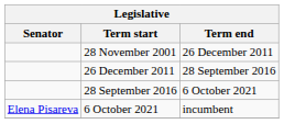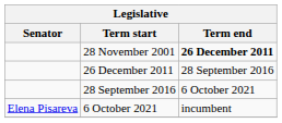 <table class="wikitable sortable">
 <tr>
 <th colspan=3>Legislative</th>
 </tr>
 <tr>
 <th>Senator</th>
 <th>Term start</th>
 <th>Term end</th>
 </tr>
 <tr>
 <td></td>
 <td>28 November 2001</td>
-<td>26 December 2011</td>
+<td><strong>26 December 2011</strong></td>
 </tr>
 <tr>
 <td></td>
 <td>26 December 2011</td>
 <td>28 September 2016</td>
 </tr>
 <tr>
 <td></td>
 <td>28 September 2016</td>
 <td>6 October 2021</td>
 </tr>
 <tr>
 <td><a href='#'>Elena Pisareva</a></td>
 <td>6 October 2021</td>
 <td>incumbent</td>
 </tr>
 <tr>
 </tr>
 </table>
